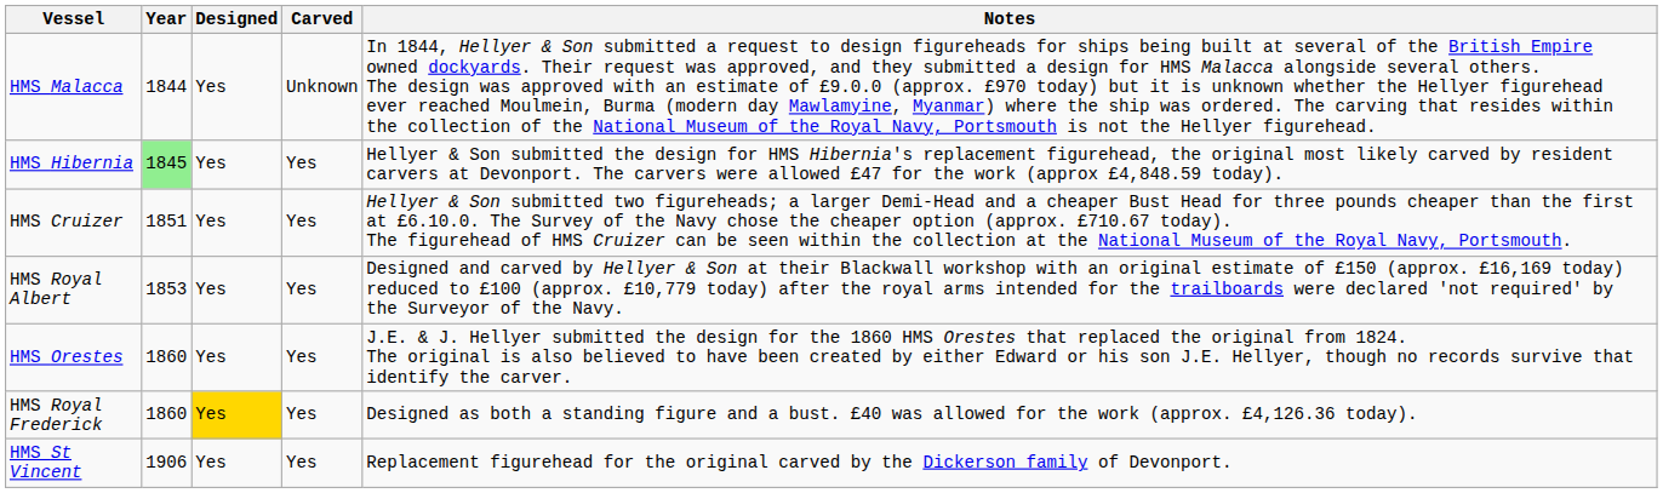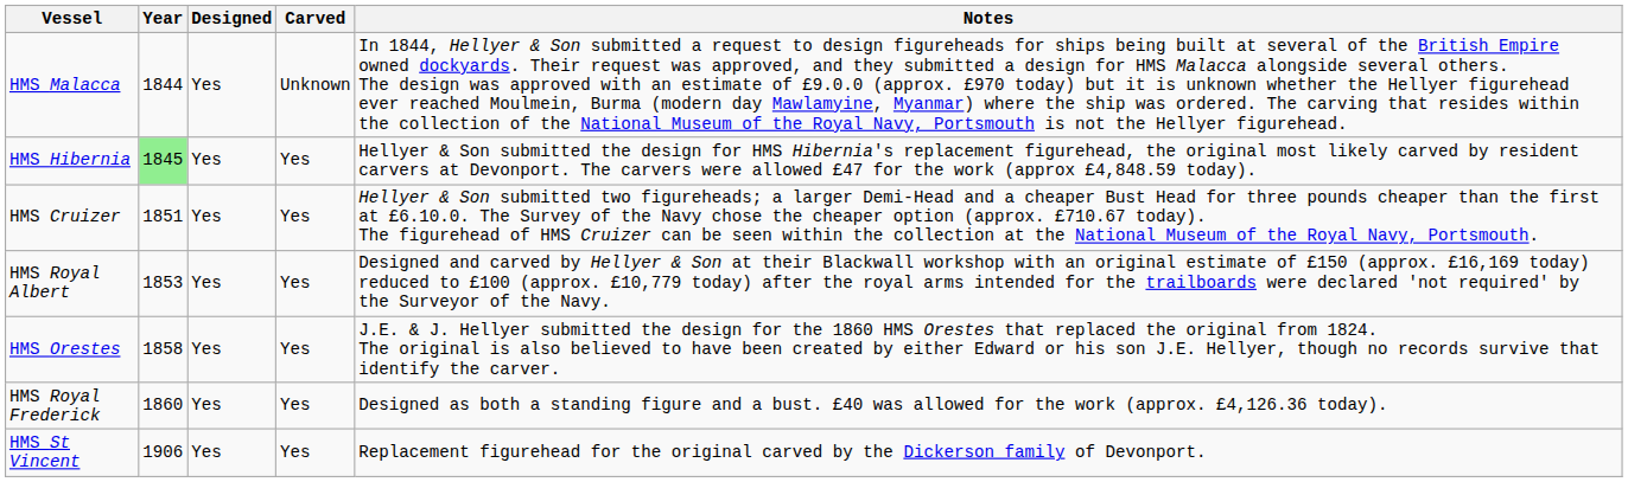 <table class="wikitable">
 <tr>
 <th>Vessel</th>
 <th>Year</th>
 <th>Designed</th>
 <th>Carved</th>
 <th>Notes</th>
 </tr>
 <tr>
 <td><a href='#'>HMS <em>Malacca</em></a></td>
 <td>1844</td>
 <td>Yes</td>
 <td>Unknown</td>
 <td>In 1844, <em>Hellyer & Son</em> submitted a request to design figureheads for ships being built at several of the <a href='#'>British Empire</a> owned <a href='#'>dockyards</a>. Their request was approved, and they submitted a design for HMS <em>Malacca</em> alongside several others.<br>The design was approved with an estimate of £9.0.0 (approx. £970 today) but it is unknown whether the Hellyer figurehead ever reached Moulmein, Burma (modern day <a href='#'>Mawlamyine</a>, <a href='#'>Myanmar</a>) where the ship was ordered. The carving that resides within the collection of the <a href='#'>National Museum of the Royal Navy, Portsmouth</a> is not the Hellyer figurehead.</td>
 </tr>
 <tr>
 <td><a href='#'>HMS <em>Hibernia</em></a></td>
 <td style="background: lightgreen;">1845</td>
 <td>Yes</td>
 <td>Yes</td>
 <td>Hellyer & Son submitted the design for HMS <em>Hibernia</em>'s replacement figurehead, the original most likely carved by resident carvers at Devonport. The carvers were allowed £47 for the work (approx £4,848.59 today).</td>
 </tr>
 <tr>
 <td>HMS <em>Cruizer</em></td>
 <td>1851</td>
 <td>Yes</td>
 <td>Yes</td>
 <td><em>Hellyer & Son</em> submitted two figureheads; a larger Demi-Head and a cheaper Bust Head for three pounds cheaper than the first at £6.10.0. The Survey of the Navy chose the cheaper option (approx. £710.67 today).<br>The figurehead of HMS <em>Cruizer</em> can be seen within the collection at the <a href='#'>National Museum of the Royal Navy, Portsmouth</a>.</td>
 </tr>
 <tr>
 <td>HMS <em>Royal Albert</em></td>
 <td>1853</td>
 <td>Yes</td>
 <td>Yes</td>
 <td>Designed and carved by <em>Hellyer & Son</em> at their Blackwall workshop with an original estimate of £150 (approx. £16,169 today) reduced to £100 (approx. £10,779 today) after the royal arms intended for the <a href='#'>trailboards</a> were declared 'not required' by the Surveyor of the Navy.</td>
 </tr>
 <tr>
 <td><a href='#'>HMS <em>Orestes</em></a></td>
-<td>1860</td>
+<td>1858</td>
 <td>Yes</td>
 <td>Yes</td>
 <td>J.E. & J. Hellyer submitted the design for the 1860 HMS <em>Orestes</em> that replaced the original from 1824.<br>The original is also believed to have been created by either Edward or his son J.E. Hellyer, though no records survive that identify the carver.</td>
 </tr>
 <tr>
 <td>HMS <em>Royal Frederick</em></td>
 <td>1860</td>
-<td style="background: gold;">Yes</td>
+<td>Yes</td>
 <td>Yes</td>
 <td>Designed as both a standing figure and a bust. £40 was allowed for the work (approx. £4,126.36 today).</td>
 </tr>
 <tr>
 <td><a href='#'>HMS <em>St Vincent</em></a></td>
 <td>1906</td>
 <td>Yes</td>
 <td>Yes</td>
 <td>Replacement figurehead for the original carved by the <a href='#'>Dickerson family</a> of Devonport.</td>
 </tr>
 </table>
